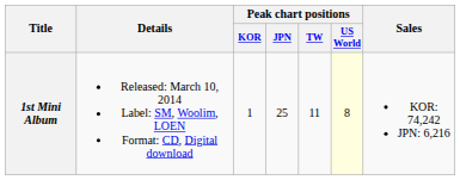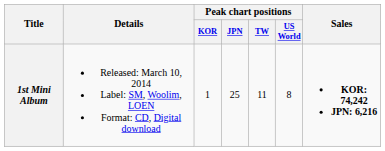 <table class="wikitable plainrowheaders" style="text-align:center;">
 <tr>
 <th scope="col" rowspan="2">Title</th>
 <th scope="col" rowspan="2">Details</th>
 <th scope="col" colspan="4">Peak chart positions</th>
 <th scope="col" rowspan="2">Sales</th>
 </tr>
 <tr>
 <th scope="col" style="width:2.75em;font-size:85%;"><a href='#'>KOR</a><br></th>
 <th scope="col" style="width:2.75em;font-size:85%;"><a href='#'>JPN</a><br></th>
 <th scope="col" style="width:2.75em;font-size:85%;"><a href='#'>TW</a><br></th>
 <th scope="col" style="width:2.75em;font-size:85%;"><a href='#'>US<br>World</a><br></th>
 </tr>
 <tr>
 <th scope="row"><em>1st Mini Album</em></th>
 <td><br><ul><li>Released: March 10, 2014</li><li>Label: <a href='#'>SM</a>, <a href='#'>Woolim</a>, <a href='#'>LOEN</a></li><li>Format: <a href='#'>CD</a>, <a href='#'>Digital download</a></li></ul></td>
 <td>1</td>
 <td>25</td>
 <td>11</td>
-<td style="background: lightyellow;">8</td>
-<td><br><ul><li>KOR: 74,242</li><li>JPN: 6,216</li></ul></td>
+<td>8</td>
+<td><strong><br><ul><li>KOR: 74,242</li><li>JPN: 6,216</li></ul></strong></td>
 </tr>
 </table>
